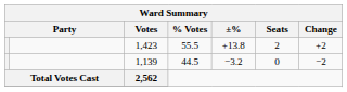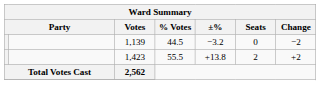 <table class="wikitable" style="font-size: 95%;">
 <tr>
 <th colspan="7">Ward Summary</th>
 </tr>
 <tr>
 <th colspan="2">Party</th>
 <th style="width: 60px">Votes</th>
 <th style="width: 60px">% Votes</th>
 <th style="width: 60px">±%</th>
 <th style="width: 60px">Seats</th>
 <th style="width: 60px">Change</th>
 </tr>
 <tr>
 <th style="background-color: "></th>
 <td style="width: 170px"><a href='#'></a></td>
+<td align="center">1,139</td>
+<td align="center">44.5</td>
+<td align="center">−3.2</td>
+<td align="center">0</td>
+<td align="center">−2</td>
+</tr>
+<tr>
+<th style="background-color: "></th>
+<td style="width: 170px"><a href='#'></a></td>
 <td align="center">1,423</td>
 <td align="center">55.5</td>
 <td align="center">+13.8</td>
 <td align="center">2</td>
 <td align="center">+2</td>
-</tr>
-<tr>
-<th style="background-color: "></th>
-<td style="width: 170px"><a href='#'></a></td>
-<td align="center">1,139</td>
-<td align="center">44.5</td>
-<td align="center">−3.2</td>
-<td align="center">0</td>
-<td align="center">−2</td>
 </tr>
 <tr style="background-color:#E9E9E9">
 <th colspan="2">Total Votes Cast</th>
 <th style="width: 60px">2,562</th>
 </tr>
 <tr style="background-color:#E9E9E9">
 </tr>
 </table>
